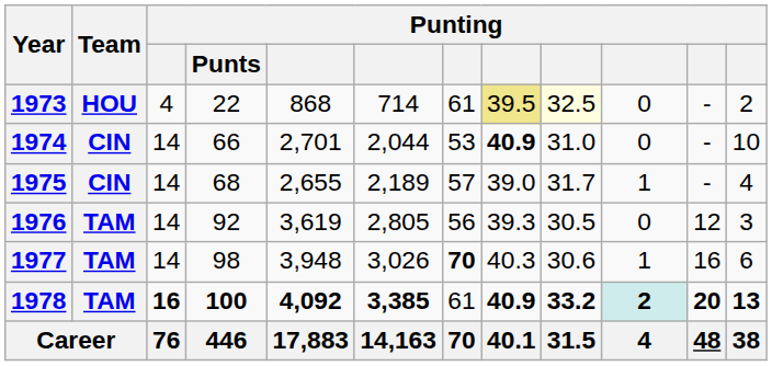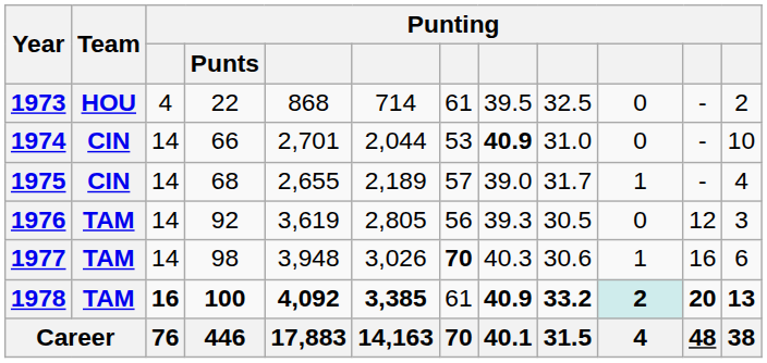 <table class=wikitable style="text-align:center;">
 <tr>
 <th rowspan="2">Year</th>
 <th rowspan="2">Team</th>
 <th colspan="10">Punting</th>
 </tr>
 <tr>
 <th></th>
 <th>Punts</th>
 <th></th>
 <th></th>
 <th></th>
 <th></th>
 <th></th>
 <th></th>
 <th></th>
 <th></th>
 </tr>
 <tr>
 <th><a href='#'>1973</a></th>
 <th><a href='#'>HOU</a></th>
 <td>4</td>
 <td>22</td>
 <td>868</td>
 <td>714</td>
 <td>61</td>
-<td style="background: khaki;">39.5</td>
-<td style="background: lightyellow;">32.5</td>
+<td>39.5</td>
+<td>32.5</td>
 <td>0</td>
 <td>-</td>
 <td>2</td>
 </tr>
 <tr>
 <th><a href='#'>1974</a></th>
 <th><a href='#'>CIN</a></th>
 <td>14</td>
 <td>66</td>
 <td>2,701</td>
 <td>2,044</td>
 <td>53</td>
 <td><strong>40.9</strong></td>
 <td>31.0</td>
 <td>0</td>
 <td>-</td>
 <td>10</td>
 </tr>
 <tr>
 <th><a href='#'>1975</a></th>
 <th><a href='#'>CIN</a></th>
 <td>14</td>
 <td>68</td>
 <td>2,655</td>
 <td>2,189</td>
 <td>57</td>
 <td>39.0</td>
 <td>31.7</td>
 <td>1</td>
 <td>-</td>
 <td>4</td>
 </tr>
 <tr>
 <th><a href='#'>1976</a></th>
 <th><a href='#'>TAM</a></th>
 <td>14</td>
 <td>92</td>
 <td>3,619</td>
 <td>2,805</td>
 <td>56</td>
 <td>39.3</td>
 <td>30.5</td>
 <td>0</td>
 <td>12</td>
 <td>3</td>
 </tr>
 <tr>
 <th><a href='#'>1977</a></th>
 <th><a href='#'>TAM</a></th>
 <td>14</td>
 <td>98</td>
 <td>3,948</td>
 <td>3,026</td>
 <td><strong>70</strong></td>
 <td>40.3</td>
 <td>30.6</td>
 <td>1</td>
 <td>16</td>
 <td>6</td>
 </tr>
 <tr>
 <th><a href='#'>1978</a></th>
 <th><a href='#'>TAM</a></th>
 <td><strong>16</strong></td>
 <td><strong>100</strong></td>
 <td><strong>4,092</strong></td>
 <td><strong>3,385</strong></td>
 <td>61</td>
 <td><strong>40.9</strong></td>
 <td><strong>33.2</strong></td>
 <td style="background:#cfecec; width:3em;"><strong>2</strong></td>
 <td><strong>20</strong></td>
 <td><strong>13</strong></td>
 </tr>
 <tr>
 <th colspan="2">Career</th>
 <th>76</th>
 <th>446</th>
 <th>17,883</th>
 <th>14,163</th>
 <th>70</th>
 <th>40.1</th>
 <th>31.5</th>
 <th>4</th>
 <th><u>48</u></th>
 <th>38</th>
 </tr>
 </table>
